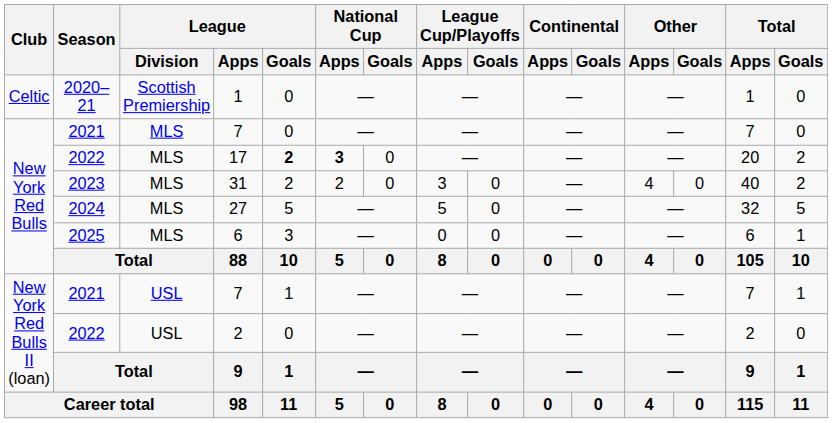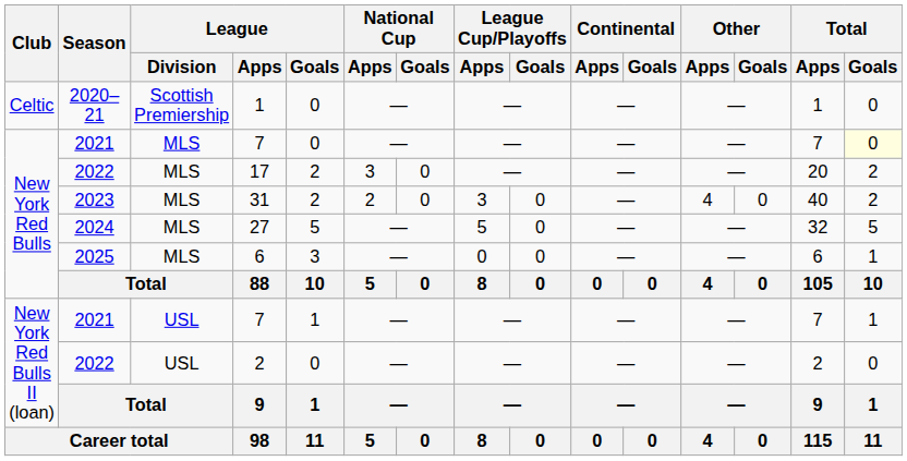 <table class="wikitable" style="text-align: center">
 <tr>
 <th rowspan="2">Club</th>
 <th rowspan="2">Season</th>
 <th colspan="3">League</th>
 <th colspan="2">National Cup</th>
 <th colspan="2">League Cup/Playoffs</th>
 <th colspan="2">Continental</th>
 <th colspan="2">Other</th>
 <th colspan="2">Total</th>
 </tr>
 <tr>
 <th>Division</th>
 <th>Apps</th>
 <th>Goals</th>
 <th>Apps</th>
 <th>Goals</th>
 <th>Apps</th>
 <th>Goals</th>
 <th>Apps</th>
 <th>Goals</th>
 <th>Apps</th>
 <th>Goals</th>
 <th>Apps</th>
 <th>Goals</th>
 </tr>
 <tr>
 <td><a href='#'>Celtic</a></td>
 <td><a href='#'>2020–21</a></td>
 <td><a href='#'>Scottish Premiership</a></td>
 <td>1</td>
 <td>0</td>
 <td colspan="2">—</td>
 <td colspan="2">—</td>
 <td colspan="2">—</td>
 <td colspan="2">—</td>
 <td>1</td>
 <td>0</td>
 </tr>
 <tr>
 <td rowspan="6"><a href='#'>New York Red Bulls</a></td>
 <td><a href='#'>2021</a></td>
 <td><a href='#'>MLS</a></td>
 <td>7</td>
 <td>0</td>
 <td colspan="2">—</td>
 <td colspan="2">—</td>
 <td colspan="2">—</td>
 <td colspan="2">—</td>
 <td>7</td>
-<td>0</td>
+<td style="background: lightyellow;">0</td>
 </tr>
 <tr>
 <td><a href='#'>2022</a></td>
 <td>MLS</td>
 <td>17</td>
-<td><strong>2</strong></td>
-<td><strong>3</strong></td>
+<td>2</td>
+<td>3</td>
 <td>0</td>
 <td colspan="2">—</td>
 <td colspan="2">—</td>
 <td colspan="2">—</td>
 <td>20</td>
 <td>2</td>
 </tr>
 <tr>
 <td><a href='#'>2023</a></td>
 <td>MLS</td>
 <td>31</td>
 <td>2</td>
 <td>2</td>
 <td>0</td>
 <td>3</td>
 <td>0</td>
 <td colspan="2">—</td>
 <td>4</td>
 <td>0</td>
 <td>40</td>
 <td>2</td>
 </tr>
 <tr>
 <td><a href='#'>2024</a></td>
 <td>MLS</td>
 <td>27</td>
 <td>5</td>
 <td colspan="2">—</td>
 <td>5</td>
 <td>0</td>
 <td colspan="2">—</td>
 <td colspan="2">—</td>
 <td>32</td>
 <td>5</td>
 </tr>
 <tr>
 <td><a href='#'>2025</a></td>
 <td>MLS</td>
 <td>6</td>
 <td>3</td>
 <td colspan="2">—</td>
 <td>0</td>
 <td>0</td>
 <td colspan="2">—</td>
 <td colspan="2">—</td>
 <td>6</td>
 <td>1</td>
 </tr>
 <tr>
 <th colspan="2">Total</th>
 <th>88</th>
 <th>10</th>
 <th>5</th>
 <th>0</th>
 <th>8</th>
 <th>0</th>
 <th>0</th>
 <th>0</th>
 <th>4</th>
 <th>0</th>
 <th>105</th>
 <th>10</th>
 </tr>
 <tr>
 <td rowspan="3"><a href='#'>New York Red Bulls II</a> (loan)</td>
 <td><a href='#'>2021</a></td>
 <td><a href='#'>USL</a></td>
 <td>7</td>
 <td>1</td>
 <td colspan="2">—</td>
 <td colspan="2">—</td>
 <td colspan="2">—</td>
 <td colspan="2">—</td>
 <td>7</td>
 <td>1</td>
 </tr>
 <tr>
 <td><a href='#'>2022</a></td>
 <td>USL</td>
 <td>2</td>
 <td>0</td>
 <td colspan="2">—</td>
 <td colspan="2">—</td>
 <td colspan="2">—</td>
 <td colspan="2">—</td>
 <td>2</td>
 <td>0</td>
 </tr>
 <tr>
 <th colspan="2">Total</th>
 <th>9</th>
 <th>1</th>
 <th colspan="2">—</th>
 <th colspan="2">—</th>
 <th colspan="2">—</th>
 <th colspan="2">—</th>
 <th>9</th>
 <th>1</th>
 </tr>
 <tr>
 <th colspan="3">Career total</th>
 <th>98</th>
 <th>11</th>
 <th>5</th>
 <th>0</th>
 <th>8</th>
 <th>0</th>
 <th>0</th>
 <th>0</th>
 <th>4</th>
 <th>0</th>
 <th>115</th>
 <th>11</th>
 </tr>
 </table>
